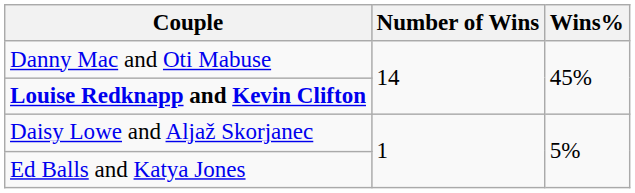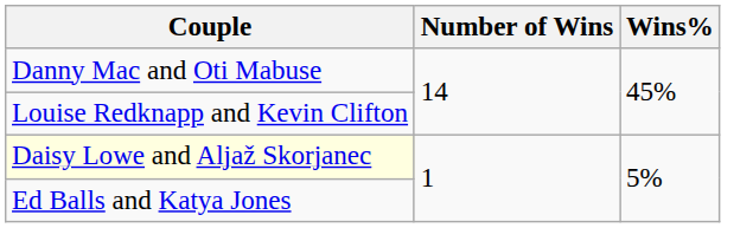 <table class="wikitable">
 <tr>
 <th>Couple</th>
 <th>Number of Wins</th>
 <th>Wins%</th>
 </tr>
 <tr>
 <td><a href='#'>Danny Mac</a> and <a href='#'>Oti Mabuse</a></td>
 <td rowspan="2">14</td>
 <td rowspan="2">45%</td>
 </tr>
 <tr>
-<td><strong><a href='#'>Louise Redknapp</a> and <a href='#'>Kevin Clifton</a></strong></td>
+<td><a href='#'>Louise Redknapp</a> and <a href='#'>Kevin Clifton</a></td>
 </tr>
 <tr>
-<td><a href='#'>Daisy Lowe</a> and <a href='#'>Aljaž Skorjanec</a></td>
+<td style="background: lightyellow;"><a href='#'>Daisy Lowe</a> and <a href='#'>Aljaž Skorjanec</a></td>
 <td rowspan="2">1</td>
 <td rowspan="2">5%</td>
 </tr>
 <tr>
 <td><a href='#'>Ed Balls</a> and <a href='#'>Katya Jones</a></td>
 </tr>
 </table>
